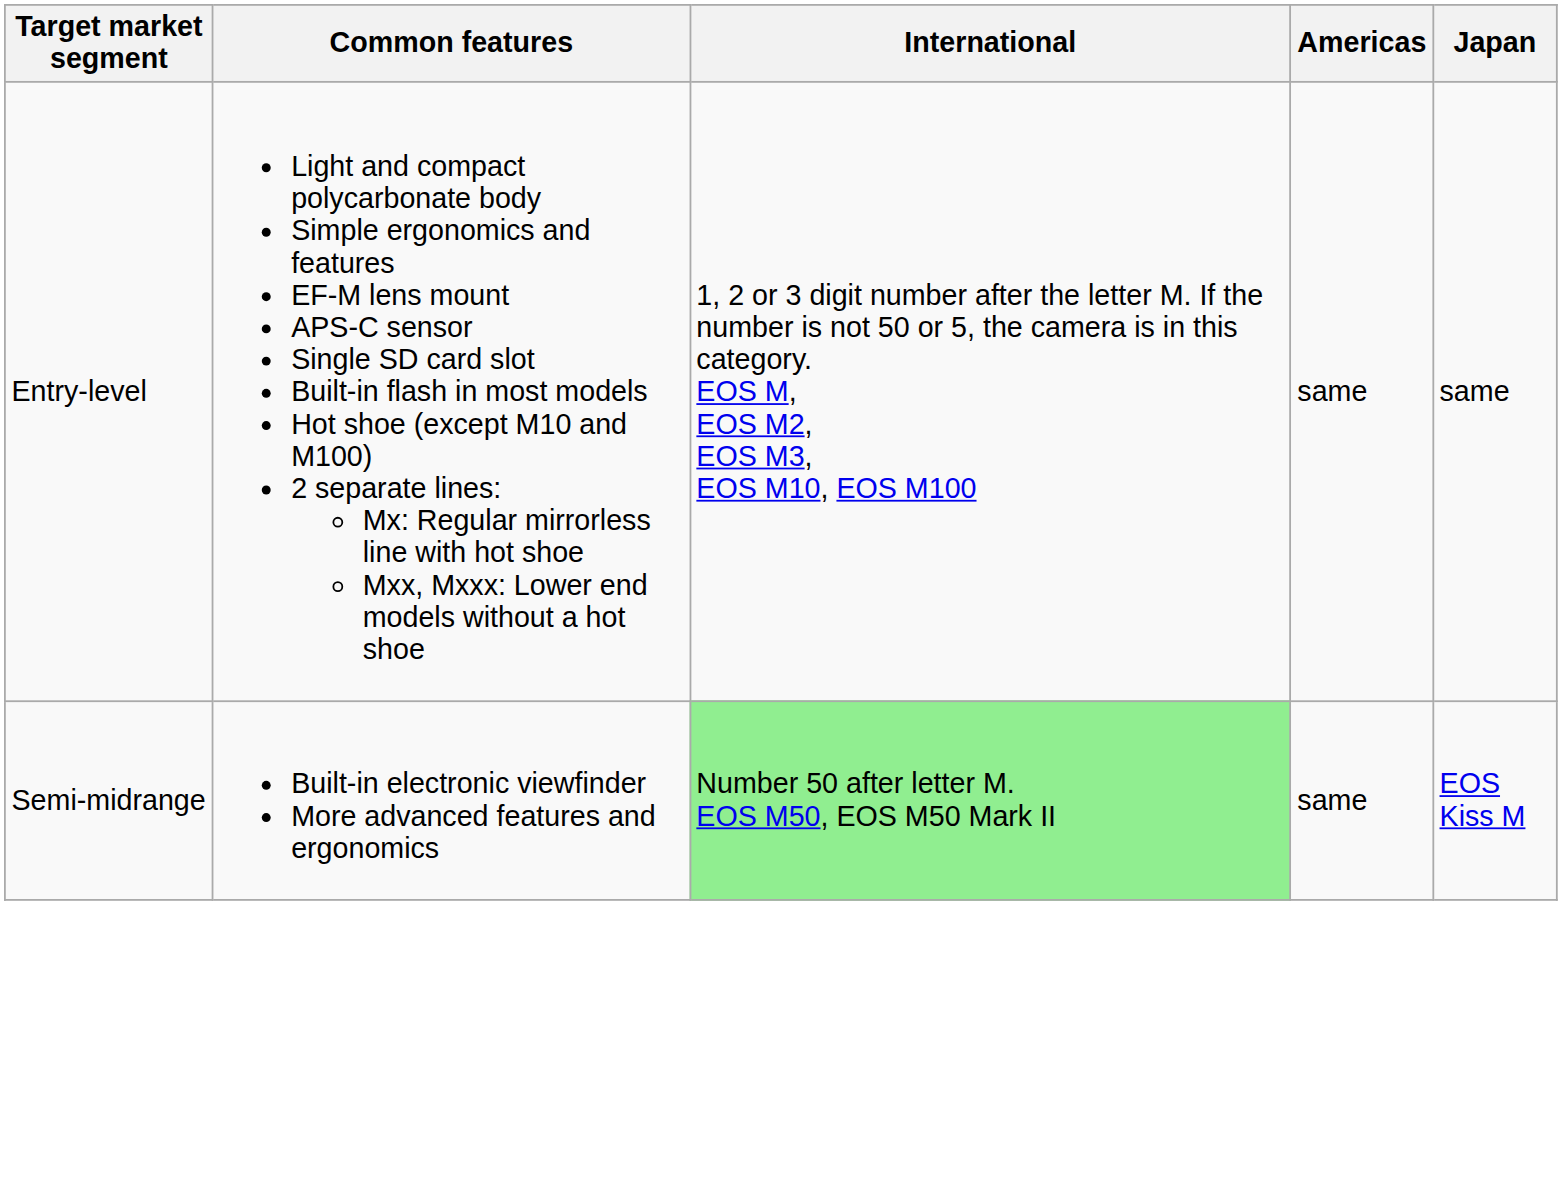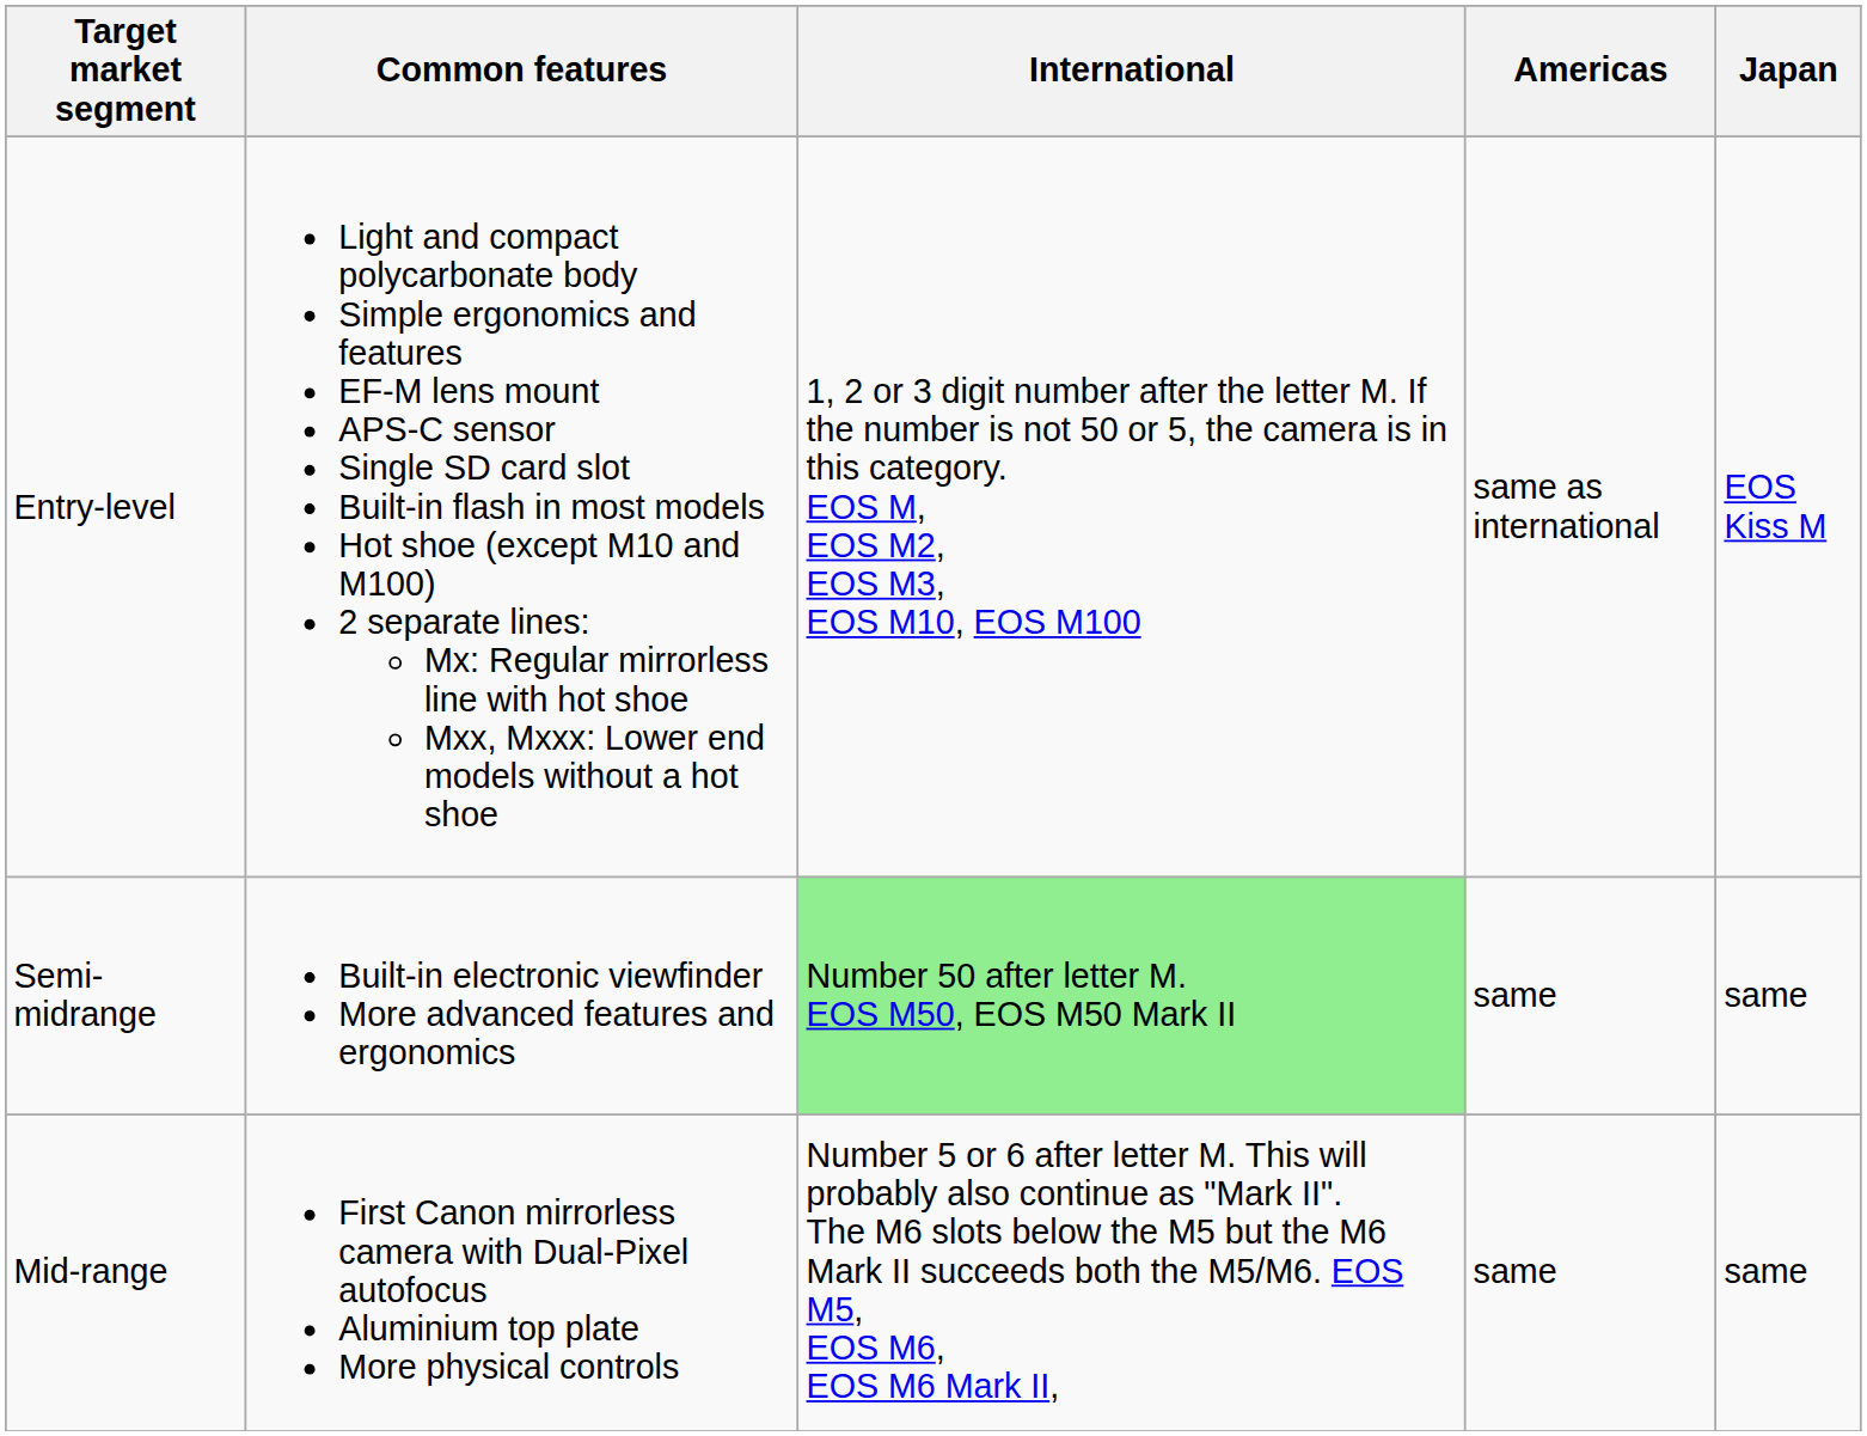 <table class="wikitable">
 <tr>
 <th>Target market segment</th>
 <th>Common features</th>
 <th>International</th>
 <th>Americas</th>
 <th>Japan</th>
 </tr>
 <tr>
 <td>Entry-level</td>
 <td><br><ul><li>Light and compact polycarbonate body</li><li>Simple ergonomics and features</li><li>EF-M lens mount</li><li>APS-C sensor</li><li>Single SD card slot</li><li>Built-in flash in most models</li><li>Hot shoe (except M10 and M100)</li><li>2 separate lines:<ul><li>Mx: Regular mirrorless line with hot shoe</li><li>Mxx, Mxxx: Lower end models without a hot shoe</li></ul></li></ul></td>
 <td>1, 2 or 3 digit number after the letter M. If the number is not 50 or 5, the camera is in this category.<br><a href='#'>EOS M</a>,<br><a href='#'>EOS M2</a>,<br><a href='#'>EOS M3</a>,<br><a href='#'>EOS M10</a>, <a href='#'>EOS M100</a></td>
-<td>same</td>
-<td>same</td>
+<td>same as international</td>
+<td><a href='#'>EOS Kiss M</a></td>
 </tr>
 <tr>
 <td>Semi-midrange</td>
 <td><br><ul><li>Built-in electronic viewfinder</li><li>More advanced features and ergonomics</li></ul></td>
 <td style="background: lightgreen;">Number 50 after letter M.<br><a href='#'>EOS M50</a>, EOS M50 Mark II</td>
 <td>same</td>
-<td><a href='#'>EOS Kiss M</a></td>
+<td>same</td>
+</tr>
+<tr>
+<td>Mid-range</td>
+<td><br><ul><li>First Canon mirrorless camera with Dual-Pixel autofocus</li><li>Aluminium top plate</li><li>More physical controls</li></ul></td>
+<td>Number 5 or 6 after letter M. This will probably also continue as "Mark II".<br>The M6 slots below the M5 but the M6 Mark II succeeds both the M5/M6. <a href='#'>EOS M5</a>,<br><a href='#'>EOS M6</a>,<br><a href='#'>EOS M6 Mark II</a>,</td>
+<td>same</td>
+<td>same</td>
 </tr>
 </table>
